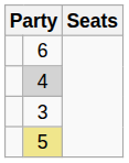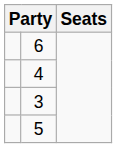 <table class="wikitable" style="font-size: 95%;">
 <tr>
 <th colspan=2>Party</th>
 <th>Seats</th>
 </tr>
 <tr>
 <td></td>
 <td align="center">6</td>
 </tr>
 <tr>
 <td></td>
-<td align="center" style="background: lightgrey;">4</td>
+<td align="center">4</td>
 </tr>
 <tr>
 <td></td>
 <td align="center">3</td>
 </tr>
 <tr>
 <td></td>
-<td align="center" style="background: khaki;">5</td>
+<td align="center">5</td>
 </tr>
 </table>
